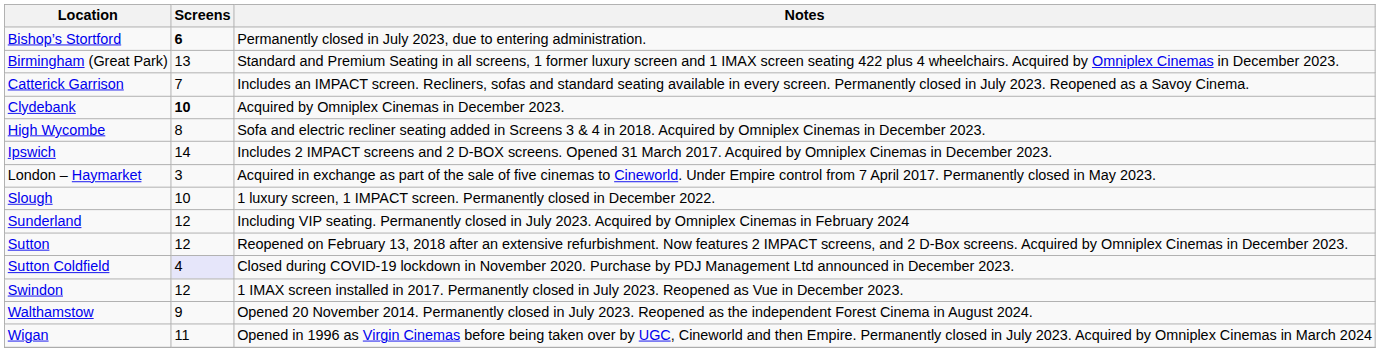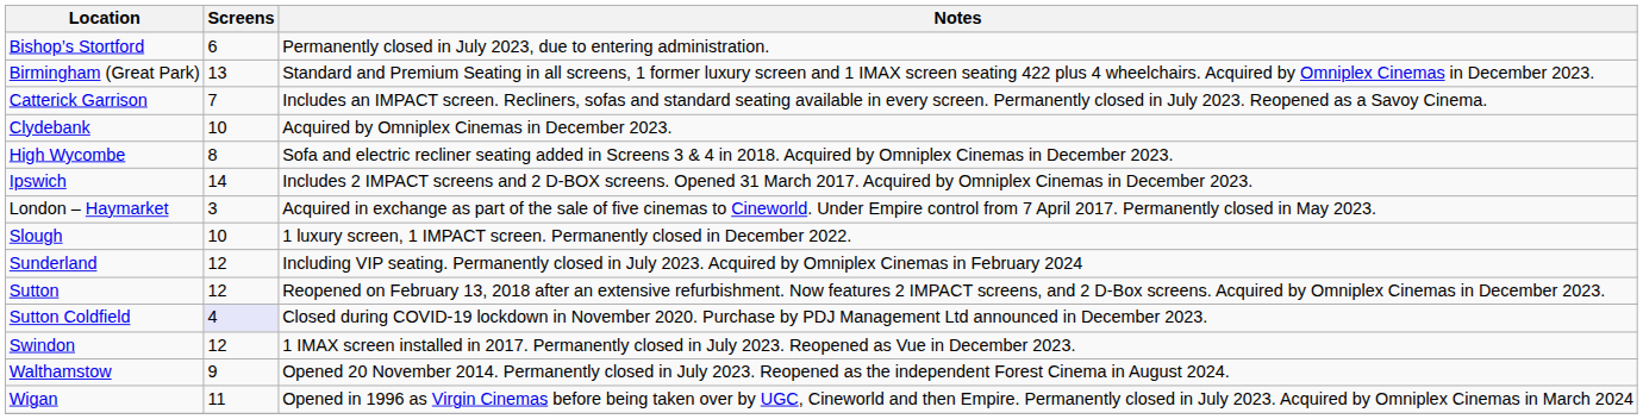 <table class="wikitable sortable" border="1">
 <tr>
 <th>Location</th>
 <th>Screens</th>
 <th class="unsortable">Notes</th>
 </tr>
 <tr>
 <td><a href='#'>Bishop’s Stortford</a></td>
-<td><strong>6</strong></td>
+<td>6</td>
 <td>Permanently closed in July 2023, due to entering administration.</td>
 </tr>
 <tr>
 <td><a href='#'>Birmingham</a> (Great Park)</td>
 <td>13</td>
 <td>Standard and Premium Seating in all screens, 1 former luxury screen and 1 IMAX screen seating 422 plus 4 wheelchairs. Acquired by <a href='#'>Omniplex Cinemas</a> in December 2023.</td>
 </tr>
 <tr>
 <td><a href='#'>Catterick Garrison</a></td>
 <td>7</td>
 <td>Includes an IMPACT screen. Recliners, sofas and standard seating available in every screen. Permanently closed in July 2023. Reopened as a Savoy Cinema.</td>
 </tr>
 <tr>
 <td><a href='#'>Clydebank</a></td>
-<td><strong>10</strong></td>
+<td>10</td>
 <td>Acquired by Omniplex Cinemas in December 2023.</td>
 </tr>
 <tr>
 <td><a href='#'>High Wycombe</a></td>
 <td>8</td>
 <td>Sofa and electric recliner seating added in Screens 3 & 4 in 2018. Acquired by Omniplex Cinemas in December 2023.</td>
 </tr>
 <tr>
 <td><a href='#'>Ipswich</a></td>
 <td>14</td>
 <td>Includes 2 IMPACT screens and 2 D-BOX screens. Opened 31 March 2017. Acquired by Omniplex Cinemas in December 2023.</td>
 </tr>
 <tr>
 <td>London –  <a href='#'>Haymarket</a></td>
 <td>3</td>
 <td>Acquired in exchange as part of the sale of five cinemas to <a href='#'>Cineworld</a>. Under Empire control from 7 April 2017. Permanently closed in May 2023.</td>
 </tr>
 <tr>
 <td><a href='#'>Slough</a></td>
 <td>10</td>
 <td>1 luxury screen, 1 IMPACT screen. Permanently closed in December 2022.</td>
 </tr>
 <tr>
 <td><a href='#'>Sunderland</a></td>
 <td>12</td>
 <td>Including VIP seating. Permanently closed in July 2023. Acquired by Omniplex Cinemas in February 2024</td>
 </tr>
 <tr>
 <td><a href='#'>Sutton</a></td>
 <td>12</td>
 <td>Reopened on February 13, 2018 after an extensive refurbishment. Now features 2 IMPACT screens, and 2 D-Box screens. Acquired by Omniplex Cinemas in December 2023.</td>
 </tr>
 <tr>
 <td><a href='#'>Sutton Coldfield</a></td>
 <td style="background: lavender;">4</td>
 <td>Closed during COVID-19 lockdown in November 2020. Purchase by PDJ Management Ltd announced in December 2023.</td>
 </tr>
 <tr>
 <td><a href='#'>Swindon</a></td>
 <td>12</td>
 <td>1 IMAX screen installed in 2017. Permanently closed in July 2023. Reopened as Vue in December 2023.</td>
 </tr>
 <tr>
 <td><a href='#'>Walthamstow</a></td>
 <td>9</td>
 <td>Opened 20 November 2014. Permanently closed in July 2023. Reopened as the independent Forest Cinema in August 2024.</td>
 </tr>
 <tr>
 <td><a href='#'>Wigan</a></td>
 <td>11</td>
 <td>Opened in 1996 as <a href='#'>Virgin Cinemas</a> before being taken over by <a href='#'>UGC</a>, Cineworld and then Empire. Permanently closed in July 2023. Acquired by Omniplex Cinemas in March 2024</td>
 </tr>
 <tr>
 </tr>
 </table>
